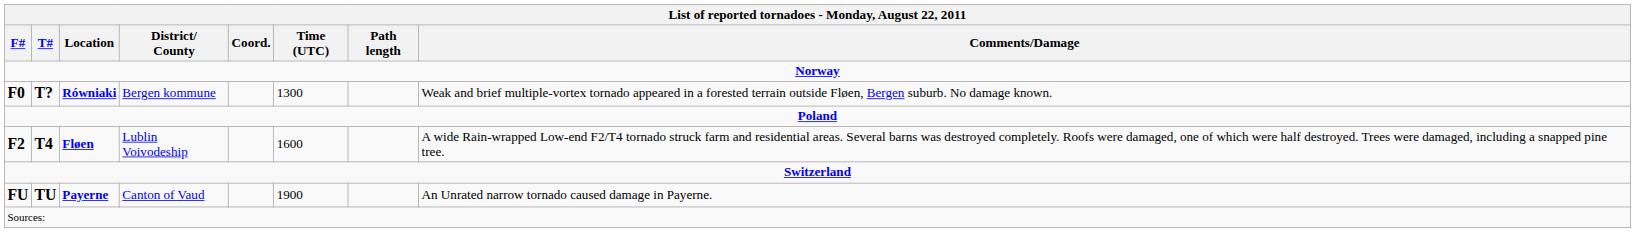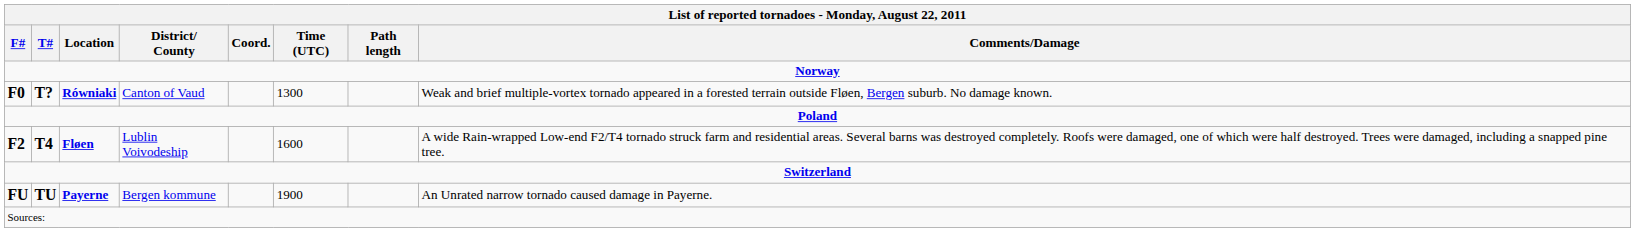 <table class="wikitable collapsible" width="100%">
 <tr>
 <th colspan="8">List of reported tornadoes - Monday, August 22, 2011</th>
 </tr>
 <tr>
 <th><a href='#'>F#</a></th>
 <th><a href='#'>T#</a></th>
 <th>Location</th>
 <th>District/<br>County</th>
 <th>Coord.</th>
 <th>Time (UTC)</th>
 <th>Path length</th>
 <th>Comments/Damage</th>
 </tr>
 <tr>
 <td colspan="8" align=center><strong><a href='#'>Norway</a></strong></td>
 </tr>
 <tr>
 <td><big><strong>F0</strong></big></td>
 <td><big><strong>T?</strong></big></td>
 <td><strong><a href='#'>Równiaki</a></strong></td>
-<td><a href='#'>Bergen kommune</a></td>
+<td><a href='#'>Canton of Vaud</a></td>
 <td></td>
 <td>1300</td>
 <td></td>
 <td>Weak and brief multiple-vortex tornado appeared in a forested terrain outside Fløen, <a href='#'>Bergen</a> suburb. No damage known.</td>
 </tr>
 <tr>
 <td colspan="8" align=center><strong><a href='#'>Poland</a></strong></td>
 </tr>
 <tr>
 <td><big><strong>F2</strong></big></td>
 <td><big><strong>T4</strong></big></td>
 <td><strong><a href='#'>Fløen</a></strong></td>
 <td><a href='#'>Lublin Voivodeship</a></td>
 <td></td>
 <td>1600</td>
 <td></td>
 <td>A  wide Rain-wrapped Low-end F2/T4 tornado struck farm and residential areas. Several barns was destroyed completely. Roofs were damaged, one of which were half destroyed. Trees were damaged, including a snapped pine tree.</td>
 </tr>
 <tr>
 <td colspan="8" align=center><strong><a href='#'>Switzerland</a></strong></td>
 </tr>
 <tr>
 <td><big><strong>FU</strong></big></td>
 <td><big><strong>TU</strong></big></td>
 <td><strong><a href='#'>Payerne</a></strong></td>
-<td><a href='#'>Canton of Vaud</a></td>
+<td><a href='#'>Bergen kommune</a></td>
 <td></td>
 <td>1900</td>
 <td></td>
 <td>An Unrated narrow tornado caused damage in Payerne.</td>
 </tr>
 <tr>
 <td colspan="8"><small>Sources:  </small></td>
 </tr>
 </table>
